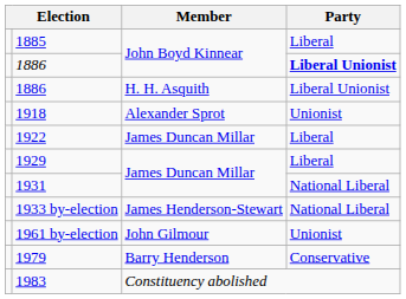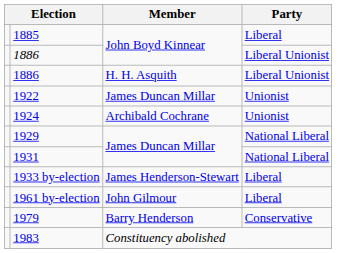 <table class="wikitable">
 <tr>
 <th colspan="2">Election</th>
 <th>Member</th>
 <th>Party</th>
 </tr>
 <tr>
 <td style="color:inherit;background-color: "></td>
 <td><a href='#'>1885</a></td>
 <td rowspan="2"><a href='#'>John Boyd Kinnear</a></td>
 <td><a href='#'>Liberal</a></td>
 </tr>
 <tr>
 <td style="color:inherit;background-color: "></td>
 <td><em>1886</em></td>
-<td><strong><a href='#'>Liberal Unionist</a></strong></td>
+<td><a href='#'>Liberal Unionist</a></td>
 </tr>
 <tr>
 <td style="color:inherit;background-color: "></td>
 <td><a href='#'>1886</a></td>
 <td><a href='#'>H. H. Asquith</a></td>
 <td><a href='#'>Liberal Unionist</a></td>
 </tr>
 <tr>
 <td style="color:inherit;background-color: "></td>
-<td><a href='#'>1918</a></td>
-<td><a href='#'>Alexander Sprot</a></td>
+<td><a href='#'>1922</a></td>
+<td><a href='#'>James Duncan Millar</a></td>
 <td><a href='#'>Unionist</a></td>
 </tr>
 <tr>
 <td style="color:inherit;background-color: "></td>
-<td><a href='#'>1922</a></td>
-<td><a href='#'>James Duncan Millar</a></td>
-<td><a href='#'>Liberal</a></td>
+<td><a href='#'>1924</a></td>
+<td><a href='#'>Archibald Cochrane</a></td>
+<td><a href='#'>Unionist</a></td>
 </tr>
 <tr>
 <td style="color:inherit;background-color: "></td>
 <td><a href='#'>1929</a></td>
 <td rowspan="2"><a href='#'>James Duncan Millar</a></td>
-<td><a href='#'>Liberal</a></td>
+<td><a href='#'>National Liberal</a></td>
 </tr>
 <tr>
 <td style="color:inherit;background-color: "></td>
 <td><a href='#'>1931</a></td>
 <td><a href='#'>National Liberal</a></td>
 </tr>
 <tr>
 <td style="color:inherit;background-color: "></td>
 <td><a href='#'>1933 by-election</a></td>
 <td><a href='#'>James Henderson-Stewart</a></td>
-<td><a href='#'>National Liberal</a></td>
+<td><a href='#'>Liberal</a></td>
 </tr>
 <tr>
 <td style="color:inherit;background-color: "></td>
 <td><a href='#'>1961 by-election</a></td>
 <td><a href='#'>John Gilmour</a></td>
-<td><a href='#'>Unionist</a></td>
+<td><a href='#'>Liberal</a></td>
 </tr>
 <tr>
 <td style="color:inherit;background-color: "></td>
 <td><a href='#'>1979</a></td>
 <td><a href='#'>Barry Henderson</a></td>
 <td><a href='#'>Conservative</a></td>
 </tr>
 <tr>
 <td></td>
 <td><a href='#'>1983</a></td>
 <td colspan="2"><em>Constituency abolished</em></td>
 </tr>
 </table>
